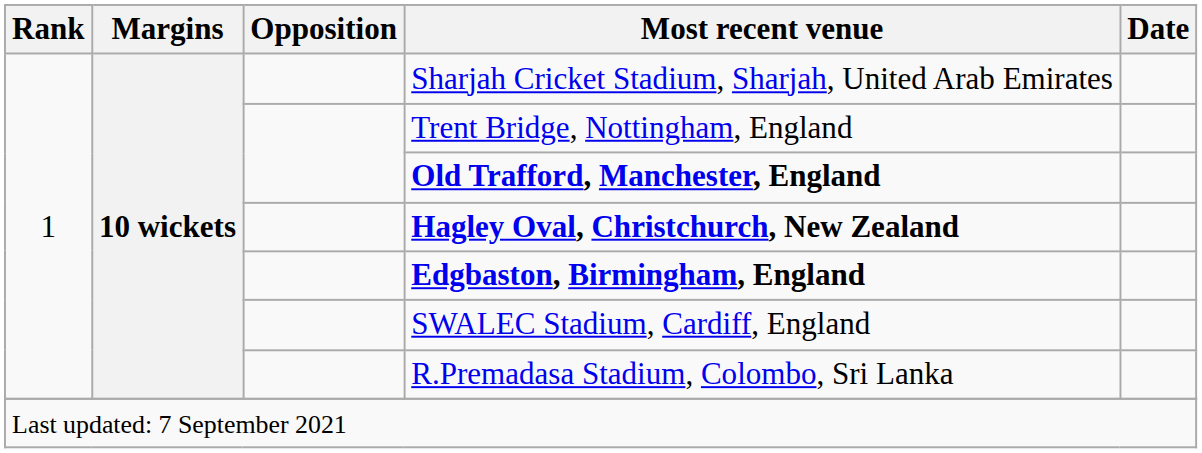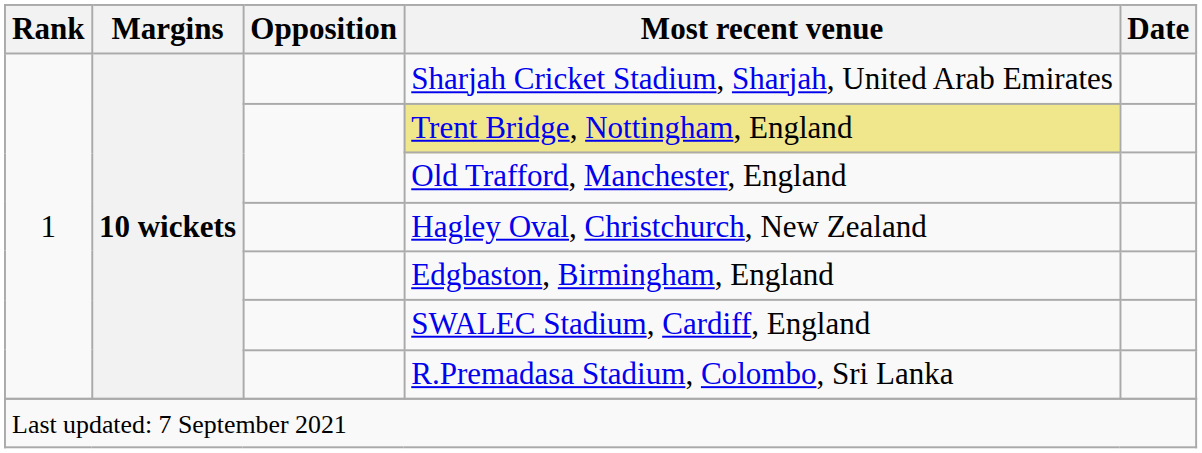 <table class="wikitable plainrowheaders sortable">
 <tr>
 <th scope=col>Rank</th>
 <th scope=col>Margins</th>
 <th scope=col>Opposition</th>
 <th scope=col>Most recent venue</th>
 <th scope=col>Date</th>
 </tr>
 <tr>
 <td align=center rowspan=7>1</td>
 <th scope=row style=text-align:center rowspan=7>10 wickets</th>
 <td></td>
 <td><a href='#'>Sharjah Cricket Stadium</a>, <a href='#'>Sharjah</a>, United Arab Emirates</td>
 <td></td>
 </tr>
 <tr>
 <td rowspan=2></td>
-<td><a href='#'>Trent Bridge</a>, <a href='#'>Nottingham</a>, England</td>
+<td style="background: khaki;"><a href='#'>Trent Bridge</a>, <a href='#'>Nottingham</a>, England</td>
 <td></td>
 </tr>
 <tr>
-<td><strong><a href='#'>Old Trafford</a>, <a href='#'>Manchester</a>, England</strong></td>
+<td><a href='#'>Old Trafford</a>, <a href='#'>Manchester</a>, England</td>
 <td></td>
 </tr>
 <tr>
 <td></td>
-<td><strong><a href='#'>Hagley Oval</a>, <a href='#'>Christchurch</a>, New Zealand</strong></td>
+<td><a href='#'>Hagley Oval</a>, <a href='#'>Christchurch</a>, New Zealand</td>
 <td></td>
 </tr>
 <tr>
 <td></td>
-<td><strong><a href='#'>Edgbaston</a>, <a href='#'>Birmingham</a>, England</strong></td>
+<td><a href='#'>Edgbaston</a>, <a href='#'>Birmingham</a>, England</td>
 <td></td>
 </tr>
 <tr>
 <td></td>
 <td><a href='#'>SWALEC Stadium</a>, <a href='#'>Cardiff</a>, England</td>
 <td> </td>
 </tr>
 <tr>
 <td></td>
 <td><a href='#'>R.Premadasa Stadium</a>, <a href='#'>Colombo</a>, Sri Lanka</td>
 <td></td>
 </tr>
 <tr>
 </tr>
 <tr class=sortbottom>
 <td colspan=5><small>Last updated: 7 September 2021</small></td>
 </tr>
 </table>
